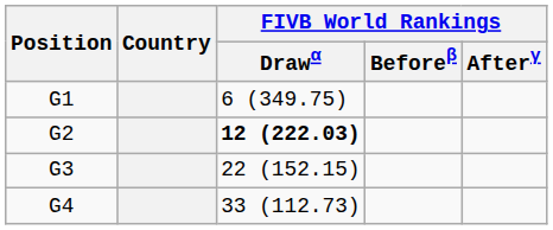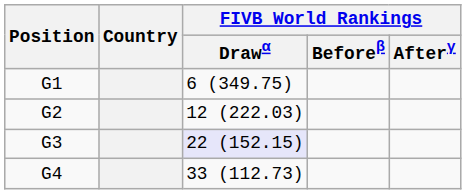 <table class="wikitable sortable plainrowheaders sticky-header col3right col4center col5center col6center" style="font-size:90%; white-space:nowrap">
 <tr>
 <th rowspan=2>Position</th>
 <th rowspan=2>Country</th>
 <th colspan=3><a href='#'>FIVB World Rankings</a></th>
 </tr>
 <tr>
 <th>Draw<sup><strong><a href='#'>α</a></strong></sup></th>
 <th>Before<sup><strong><a href='#'>β</a></strong></sup></th>
 <th>After<sup><strong><a href='#'>γ</a></strong></sup></th>
 </tr>
 <tr>
 <td style="text-align:center">G1</td>
 <th scope="row"></th>
 <td>6 (349.75)</td>
 <td></td>
 <td></td>
 </tr>
 <tr>
 <td style="text-align:center">G2</td>
 <th scope="row"></th>
-<td><strong>12 (222.03)</strong></td>
+<td>12 (222.03)</td>
 <td></td>
 <td></td>
 </tr>
 <tr>
 <td style="text-align:center">G3</td>
 <th scope="row"></th>
-<td>22 (152.15)</td>
+<td style="background: lavender;">22 (152.15)</td>
 <td></td>
 <td></td>
 </tr>
 <tr>
 <td style="text-align:center">G4</td>
 <th scope="row"></th>
 <td>33 (112.73)</td>
 <td></td>
 <td></td>
 </tr>
 </table>
